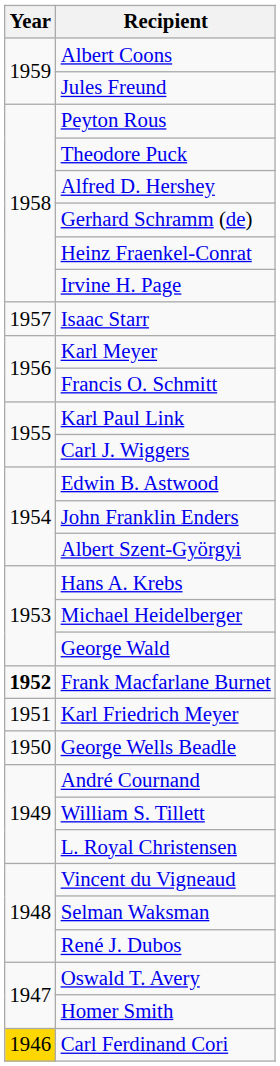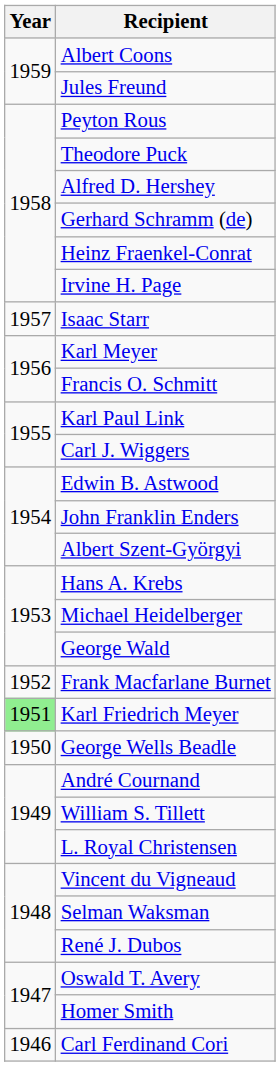 <table class="wikitable" style="display:inline-table;">
 <tr>
 <th>Year</th>
 <th>Recipient</th>
 </tr>
 <tr>
 <td Rowspan="2">1959</td>
 <td><a href='#'>Albert Coons</a></td>
 </tr>
 <tr>
 <td><a href='#'>Jules Freund</a></td>
 </tr>
 <tr>
 <td Rowspan="6">1958</td>
 <td><a href='#'>Peyton Rous</a></td>
 </tr>
 <tr>
 <td><a href='#'>Theodore Puck</a></td>
 </tr>
 <tr>
 <td><a href='#'>Alfred D. Hershey</a></td>
 </tr>
 <tr>
 <td><a href='#'>Gerhard Schramm</a> (<a href='#'>de</a>)</td>
 </tr>
 <tr>
 <td><a href='#'>Heinz Fraenkel-Conrat</a></td>
 </tr>
 <tr>
 <td><a href='#'>Irvine H. Page</a></td>
 </tr>
 <tr>
 <td Rowspan="1">1957</td>
 <td><a href='#'>Isaac Starr</a></td>
 </tr>
 <tr>
 <td Rowspan="2">1956</td>
 <td><a href='#'>Karl Meyer</a></td>
 </tr>
 <tr>
 <td><a href='#'>Francis O. Schmitt</a></td>
 </tr>
 <tr>
 <td Rowspan="2">1955</td>
 <td><a href='#'>Karl Paul Link</a></td>
 </tr>
 <tr>
 <td><a href='#'>Carl J. Wiggers</a></td>
 </tr>
 <tr>
 <td Rowspan="3">1954</td>
 <td><a href='#'>Edwin B. Astwood</a></td>
 </tr>
 <tr>
 <td><a href='#'>John Franklin Enders</a></td>
 </tr>
 <tr>
 <td><a href='#'>Albert Szent-Györgyi</a></td>
 </tr>
 <tr>
 <td Rowspan="3">1953</td>
 <td><a href='#'>Hans A. Krebs</a></td>
 </tr>
 <tr>
 <td><a href='#'>Michael Heidelberger</a></td>
 </tr>
 <tr>
 <td><a href='#'>George Wald</a></td>
 </tr>
 <tr>
-<td Rowspan="1"><strong>1952</strong></td>
+<td Rowspan="1">1952</td>
 <td><a href='#'>Frank Macfarlane Burnet</a></td>
 </tr>
 <tr>
-<td Rowspan="1">1951</td>
+<td Rowspan="1" style="background: lightgreen;">1951</td>
 <td><a href='#'>Karl Friedrich Meyer</a></td>
 </tr>
 <tr>
 <td Rowspan="1">1950</td>
 <td><a href='#'>George Wells Beadle</a></td>
 </tr>
 <tr>
 <td Rowspan="3">1949</td>
 <td><a href='#'>André Cournand</a></td>
 </tr>
 <tr>
 <td><a href='#'>William S. Tillett</a></td>
 </tr>
 <tr>
 <td><a href='#'>L. Royal Christensen</a></td>
 </tr>
 <tr>
 <td Rowspan="3">1948</td>
 <td><a href='#'>Vincent du Vigneaud</a></td>
 </tr>
 <tr>
 <td><a href='#'>Selman Waksman</a></td>
 </tr>
 <tr>
 <td><a href='#'>René J. Dubos</a></td>
 </tr>
 <tr>
 <td Rowspan="2">1947</td>
 <td><a href='#'>Oswald T. Avery</a></td>
 </tr>
 <tr>
 <td><a href='#'>Homer Smith</a></td>
 </tr>
 <tr>
-<td Rowspan="1" style="background: gold;">1946</td>
+<td Rowspan="1">1946</td>
 <td><a href='#'>Carl Ferdinand Cori</a></td>
 </tr>
 </table>
